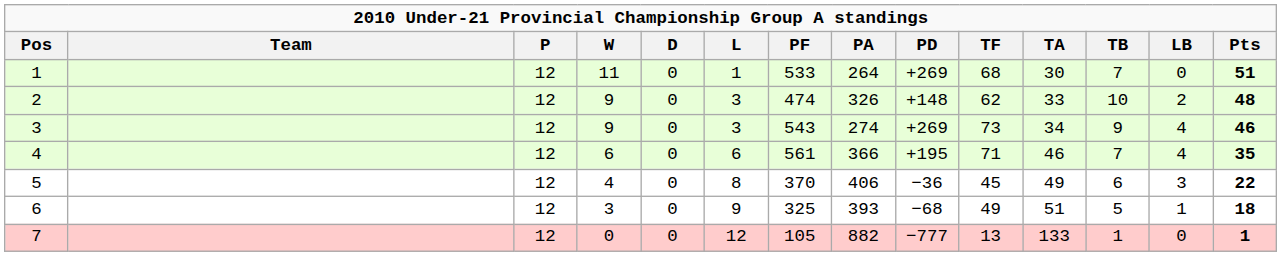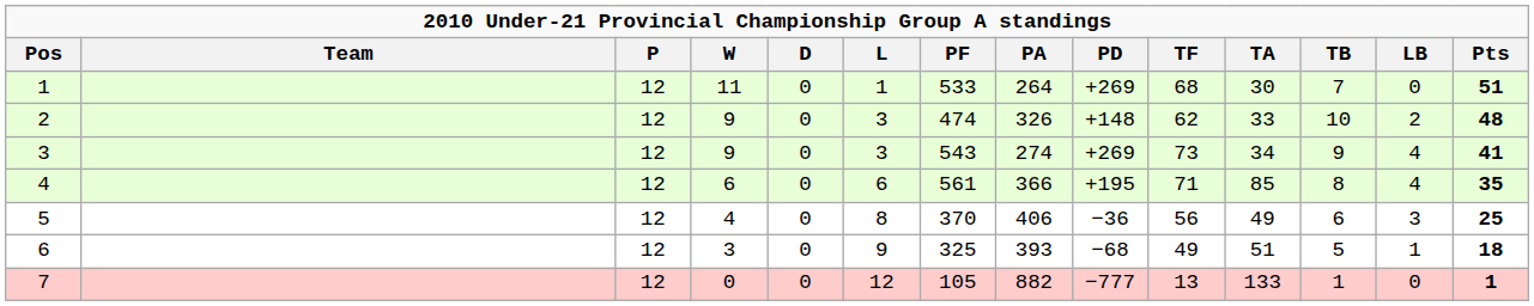 <table class="wikitable" style="text-align:center; line-height:110%; font-size:100%; width:60%;">
 <tr>
 <td colspan="14" cellpadding="0" cellspacing="0"><strong>2010 Under-21 Provincial Championship Group A standings</strong></td>
 </tr>
 <tr>
 <th style="width:5%;">Pos</th>
 <th style="width:35%;">Team</th>
 <th style="width:5%;">P</th>
 <th style="width:5%;">W</th>
 <th style="width:5%;">D</th>
 <th style="width:5%;">L</th>
 <th style="width:5%;">PF</th>
 <th style="width:5%;">PA</th>
 <th style="width:5%;">PD</th>
 <th style="width:5%;">TF</th>
 <th style="width:5%;">TA</th>
 <th style="width:5%;">TB</th>
 <th style="width:5%;">LB</th>
 <th style="width:5%;">Pts<br></th>
 </tr>
 <tr style="background:#E8FFD8;">
 <td>1</td>
 <td align=left></td>
 <td>12</td>
 <td>11</td>
 <td>0</td>
 <td>1</td>
 <td>533</td>
 <td>264</td>
 <td>+269</td>
 <td>68</td>
 <td>30</td>
 <td>7</td>
 <td>0</td>
 <td><strong>51</strong></td>
 </tr>
 <tr style="background:#E8FFD8;">
 <td>2</td>
 <td align=left></td>
 <td>12</td>
 <td>9</td>
 <td>0</td>
 <td>3</td>
 <td>474</td>
 <td>326</td>
 <td>+148</td>
 <td>62</td>
 <td>33</td>
 <td>10</td>
 <td>2</td>
 <td><strong>48</strong></td>
 </tr>
 <tr style="background:#E8FFD8;">
 <td>3</td>
 <td align=left></td>
 <td>12</td>
 <td>9</td>
 <td>0</td>
 <td>3</td>
 <td>543</td>
 <td>274</td>
 <td>+269</td>
 <td>73</td>
 <td>34</td>
 <td>9</td>
 <td>4</td>
-<td><strong>46</strong></td>
+<td><strong>41</strong></td>
 </tr>
 <tr style="background:#E8FFD8;">
 <td>4</td>
 <td align=left></td>
 <td>12</td>
 <td>6</td>
 <td>0</td>
 <td>6</td>
 <td>561</td>
 <td>366</td>
 <td>+195</td>
 <td>71</td>
-<td>46</td>
-<td>7</td>
+<td>85</td>
+<td>8</td>
 <td>4</td>
 <td><strong>35</strong></td>
 </tr>
 <tr style="background:#FFFFFF;">
 <td>5</td>
 <td align=left></td>
 <td>12</td>
 <td>4</td>
 <td>0</td>
 <td>8</td>
 <td>370</td>
 <td>406</td>
 <td>−36</td>
-<td>45</td>
+<td>56</td>
 <td>49</td>
 <td>6</td>
 <td>3</td>
-<td><strong>22</strong></td>
+<td><strong>25</strong></td>
 </tr>
 <tr style="background:#FFFFFF;">
 <td>6</td>
 <td align=left></td>
 <td>12</td>
 <td>3</td>
 <td>0</td>
 <td>9</td>
 <td>325</td>
 <td>393</td>
 <td>−68</td>
 <td>49</td>
 <td>51</td>
 <td>5</td>
 <td>1</td>
 <td><strong>18</strong></td>
 </tr>
 <tr style="background:#FFCCCC;">
 <td>7</td>
 <td align=left></td>
 <td>12</td>
 <td>0</td>
 <td>0</td>
 <td>12</td>
 <td>105</td>
 <td>882</td>
 <td>−777</td>
 <td>13</td>
 <td>133</td>
 <td>1</td>
 <td>0</td>
 <td><strong>1</strong></td>
 </tr>
 </table>
